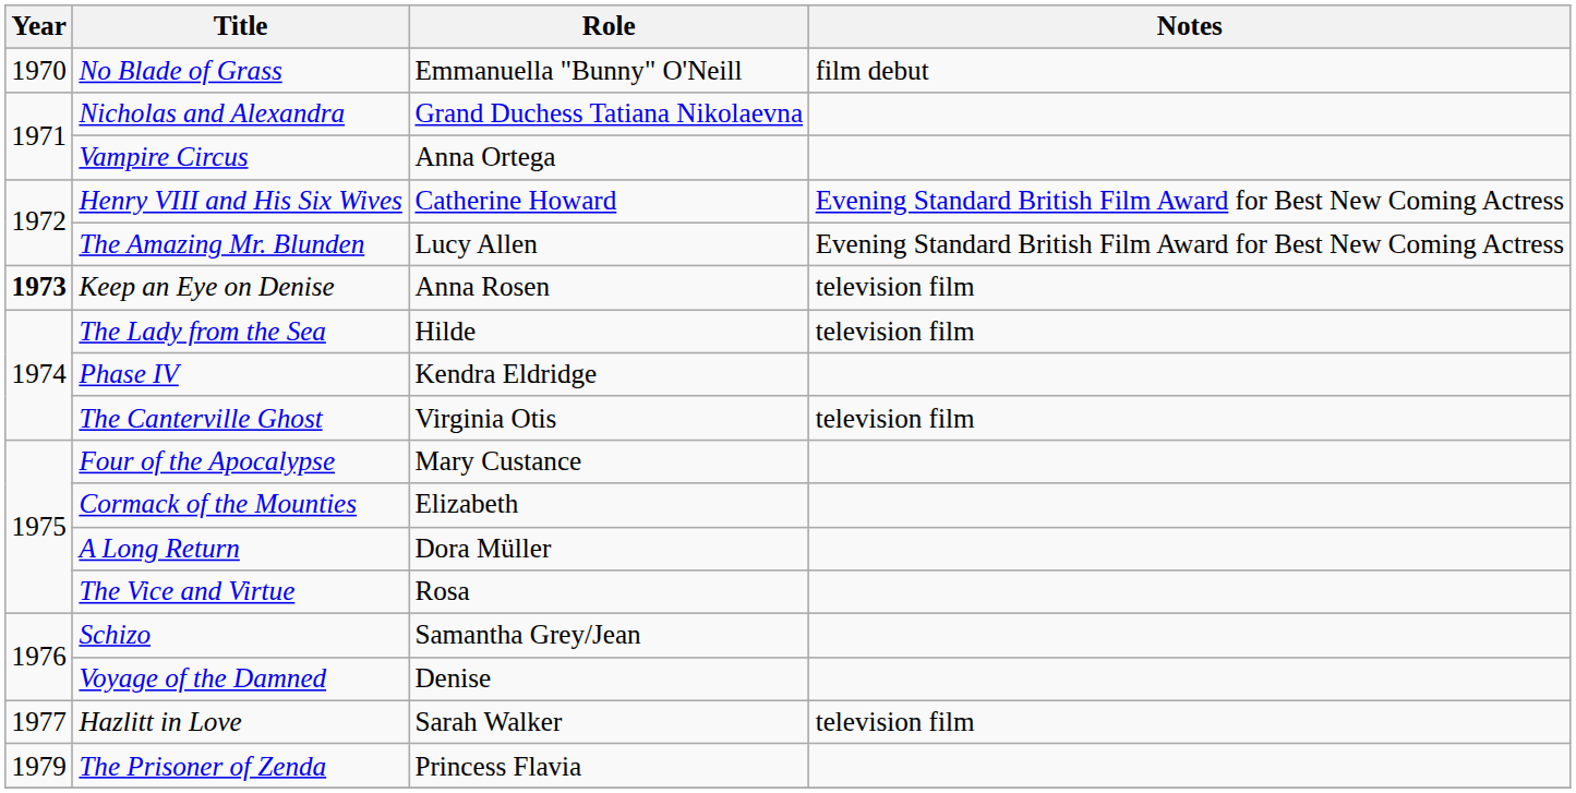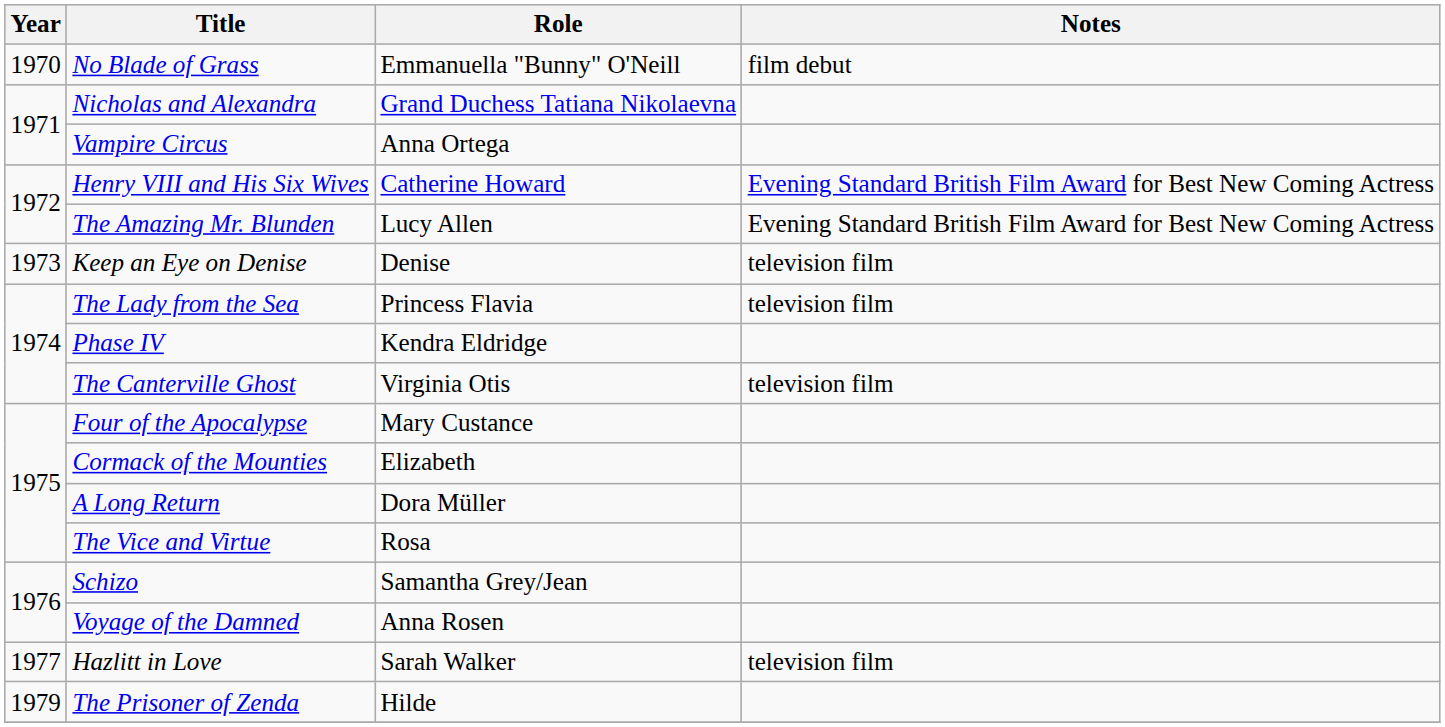 <table class="wikitable sortable">
 <tr>
 <th>Year</th>
 <th>Title</th>
 <th>Role</th>
 <th>Notes</th>
 </tr>
 <tr>
 <td>1970</td>
 <td><em><a href='#'>No Blade of Grass</a></em></td>
 <td>Emmanuella "Bunny" O'Neill</td>
 <td>film debut</td>
 </tr>
 <tr>
 <td rowspan="2">1971</td>
 <td><em><a href='#'>Nicholas and Alexandra</a></em></td>
 <td><a href='#'>Grand Duchess Tatiana Nikolaevna</a></td>
 <td></td>
 </tr>
 <tr>
 <td><em><a href='#'>Vampire Circus</a></em></td>
 <td>Anna Ortega</td>
 <td></td>
 </tr>
 <tr>
 <td rowspan="2">1972</td>
 <td><em><a href='#'>Henry VIII and His Six Wives</a></em></td>
 <td><a href='#'>Catherine Howard</a></td>
 <td><a href='#'>Evening Standard British Film Award</a> for Best New Coming Actress</td>
 </tr>
 <tr>
 <td><em><a href='#'>The Amazing Mr. Blunden</a></em></td>
 <td>Lucy Allen</td>
 <td>Evening Standard British Film Award for Best New Coming Actress</td>
 </tr>
 <tr>
-<td><strong>1973</strong></td>
+<td>1973</td>
 <td><em>Keep an Eye on Denise</em></td>
-<td>Anna Rosen</td>
+<td>Denise</td>
 <td>television film</td>
 </tr>
 <tr>
 <td rowspan="3">1974</td>
 <td><em><a href='#'>The Lady from the Sea</a></em></td>
-<td>Hilde</td>
+<td>Princess Flavia</td>
 <td>television film</td>
 </tr>
 <tr>
 <td><em><a href='#'>Phase IV</a></em></td>
 <td>Kendra Eldridge</td>
 <td></td>
 </tr>
 <tr>
 <td><em><a href='#'>The Canterville Ghost</a></em></td>
 <td>Virginia Otis</td>
 <td>television film</td>
 </tr>
 <tr>
 <td rowspan="4">1975</td>
 <td><em><a href='#'>Four of the Apocalypse</a></em></td>
 <td>Mary Custance</td>
 <td></td>
 </tr>
 <tr>
 <td><em><a href='#'>Cormack of the Mounties</a></em></td>
 <td>Elizabeth</td>
 <td></td>
 </tr>
 <tr>
 <td><em><a href='#'>A Long Return</a></em></td>
 <td>Dora Müller</td>
 <td></td>
 </tr>
 <tr>
 <td><em><a href='#'>The Vice and Virtue</a></em></td>
 <td>Rosa</td>
 <td></td>
 </tr>
 <tr>
 <td rowspan="2">1976</td>
 <td><em><a href='#'>Schizo</a></em></td>
 <td>Samantha Grey/Jean</td>
 <td></td>
 </tr>
 <tr>
 <td><em><a href='#'>Voyage of the Damned</a></em></td>
-<td>Denise</td>
+<td>Anna Rosen</td>
 <td></td>
 </tr>
 <tr>
 <td>1977</td>
 <td><em>Hazlitt in Love</em></td>
 <td>Sarah Walker</td>
 <td>television film</td>
 </tr>
 <tr>
 <td>1979</td>
 <td><em><a href='#'>The Prisoner of Zenda</a></em></td>
-<td>Princess Flavia</td>
+<td>Hilde</td>
 <td></td>
 </tr>
 <tr>
 </tr>
 </table>
